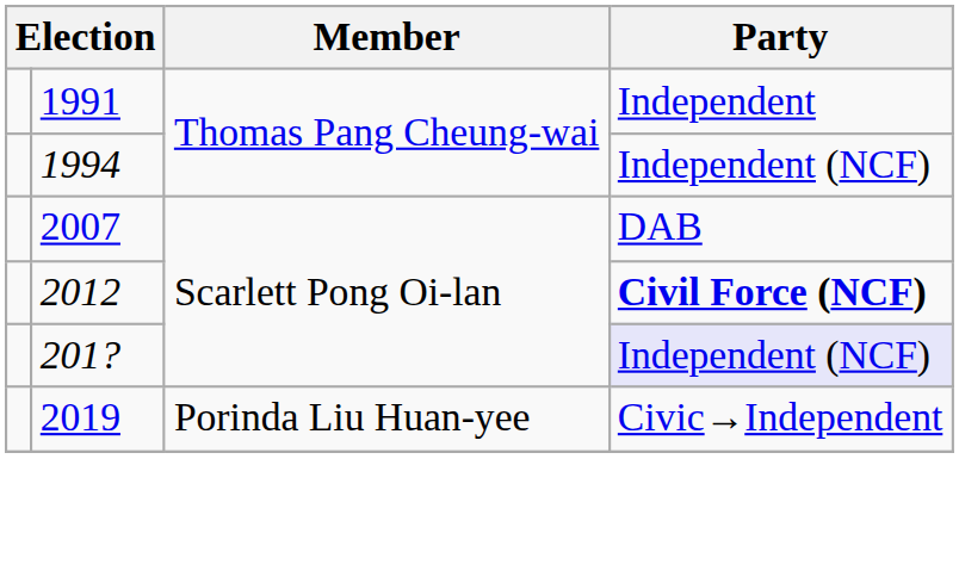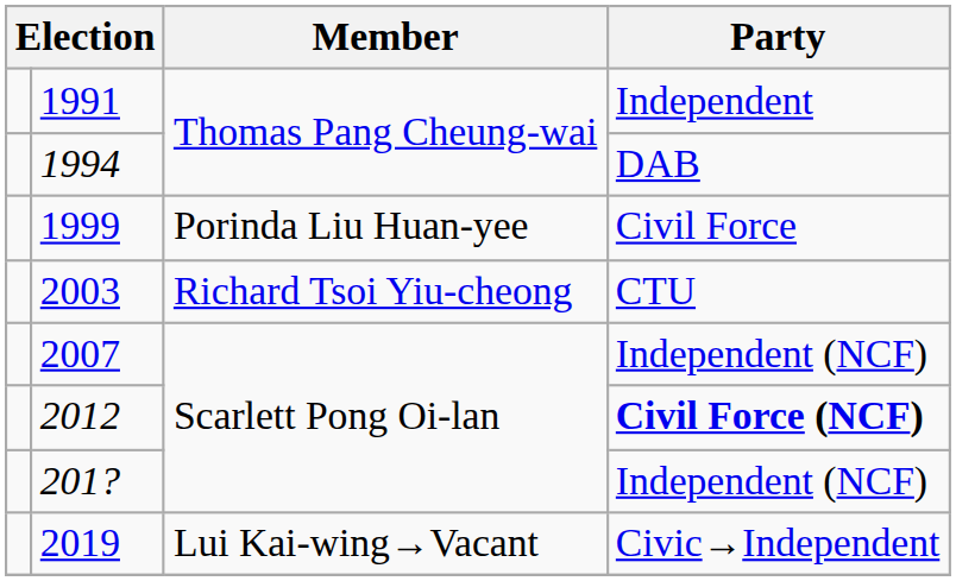 <table class="wikitable">
 <tr>
 <th colspan="2">Election</th>
 <th>Member</th>
 <th>Party</th>
 </tr>
 <tr>
 <td style="background-color: "></td>
 <td><a href='#'>1991</a></td>
 <td rowspan=2><a href='#'>Thomas Pang Cheung-wai</a></td>
 <td><a href='#'>Independent</a></td>
 </tr>
 <tr>
 <td style="background-color: "></td>
 <td><em>1994</em></td>
-<td><a href='#'>Independent</a> (<a href='#'>NCF</a>)</td>
+<td><a href='#'>DAB</a></td>
+</tr>
+<tr>
+<td style="background-color: "></td>
+<td><a href='#'>1999</a></td>
+<td>Porinda Liu Huan-yee</td>
+<td><a href='#'>Civil Force</a></td>
+</tr>
+<tr>
+<td style="background-color: "></td>
+<td><a href='#'>2003</a></td>
+<td><a href='#'>Richard Tsoi Yiu-cheong</a></td>
+<td><a href='#'>CTU</a></td>
 </tr>
 <tr>
 <td style="background-color: "></td>
 <td><a href='#'>2007</a></td>
 <td rowspan=3>Scarlett Pong Oi-lan</td>
-<td><a href='#'>DAB</a></td>
+<td><a href='#'>Independent</a> (<a href='#'>NCF</a>)</td>
 </tr>
 <tr>
 <td style="background-color: "></td>
 <td><em>2012</em></td>
 <td><strong><a href='#'>Civil Force</a> (<a href='#'>NCF</a>)</strong></td>
 </tr>
 <tr>
 <td style="background-color: "></td>
 <td><em>201?</em></td>
-<td style="background: lavender;"><a href='#'>Independent</a> (<a href='#'>NCF</a>)</td>
+<td><a href='#'>Independent</a> (<a href='#'>NCF</a>)</td>
 </tr>
 <tr>
 <td style="background-color: "></td>
 <td><a href='#'>2019</a></td>
-<td>Porinda Liu Huan-yee</td>
+<td>Lui Kai-wing→Vacant</td>
 <td><a href='#'>Civic</a>→<a href='#'>Independent</a></td>
 </tr>
 <tr>
 </tr>
 </table>
